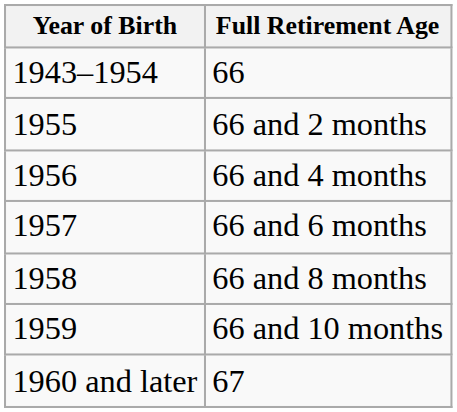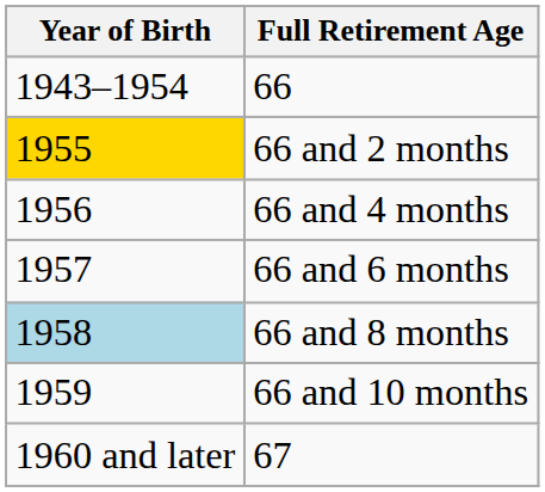 <table class="wikitable">
 <tr>
 <th style="font-size:80%;"><strong>Year of Birth</strong></th>
 <th style="font-size:80%;"><strong>Full Retirement Age</strong></th>
 </tr>
 <tr>
 <td>1943–1954</td>
 <td>66</td>
 </tr>
 <tr>
-<td>1955</td>
+<td style="background: gold;">1955</td>
 <td>66 and  2 months</td>
 </tr>
 <tr>
 <td>1956</td>
 <td>66 and  4 months</td>
 </tr>
 <tr>
 <td>1957</td>
 <td>66 and  6 months</td>
 </tr>
 <tr>
-<td>1958</td>
+<td style="background: lightblue;">1958</td>
 <td>66 and  8 months</td>
 </tr>
 <tr>
 <td>1959</td>
 <td>66 and 10 months</td>
 </tr>
 <tr>
 <td>1960 and later</td>
 <td>67</td>
 </tr>
 </table>
